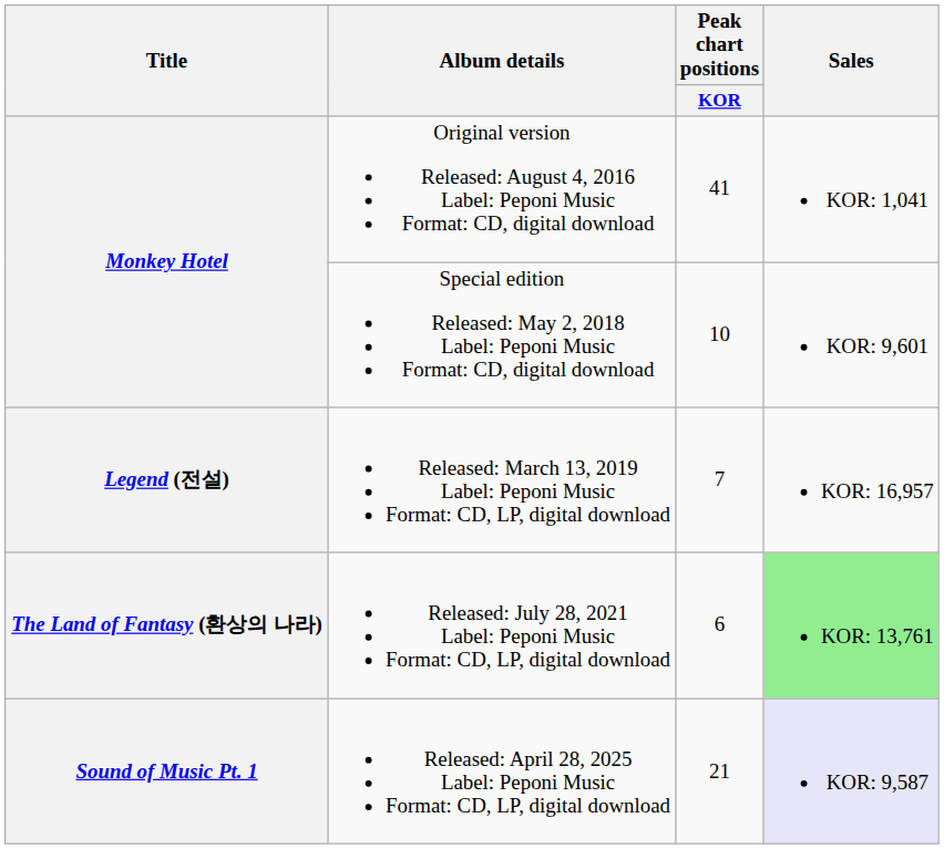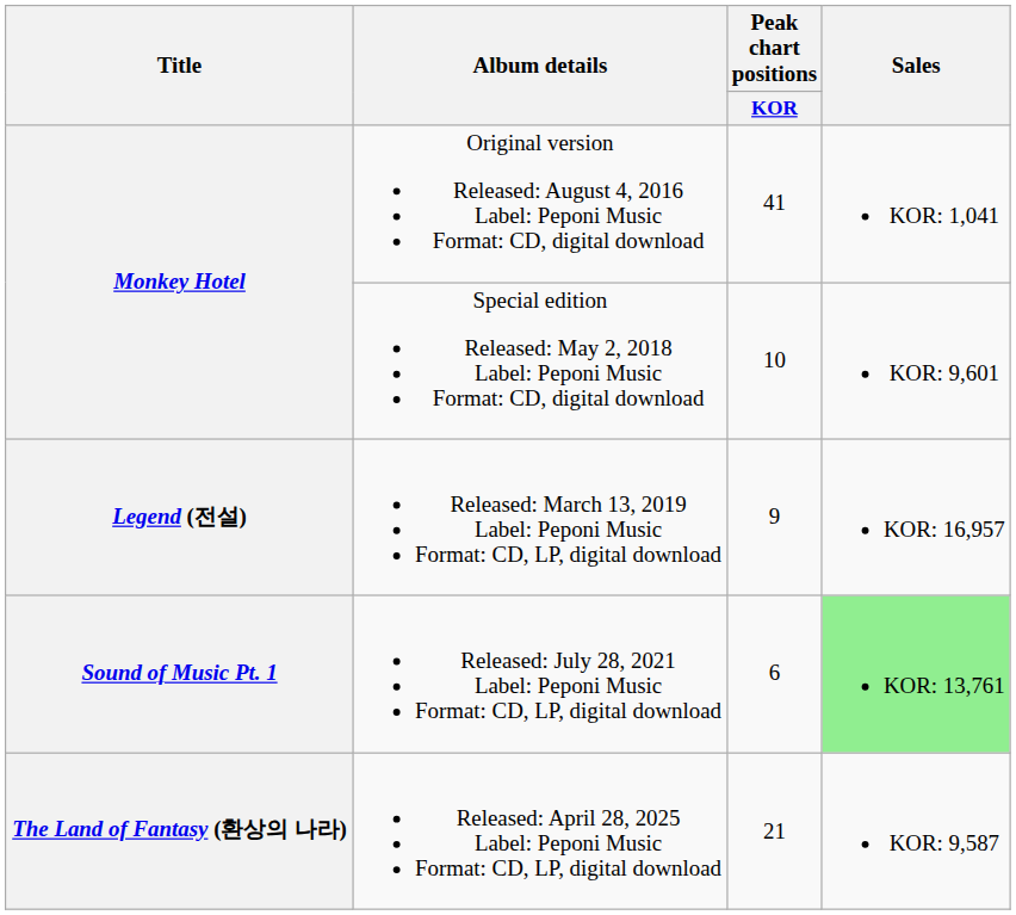 <table class="wikitable plainrowheaders" style="text-align:center;">
 <tr>
 <th scope="col" rowspan="2" style="width:15em;">Title</th>
 <th scope="col" rowspan="2">Album details</th>
 <th scope="col" colspan="1">Peak chart positions</th>
 <th scope="col" rowspan="2">Sales</th>
 </tr>
 <tr>
 <th scope="col" style="width:3em;font-size:90%;"><a href='#'>KOR</a><br></th>
 </tr>
 <tr>
 <th rowspan="2" scope="row"><em><a href='#'>Monkey Hotel</a></em></th>
 <td>Original version<br><ul><li>Released: August 4, 2016</li><li>Label: Peponi Music</li><li>Format: CD, digital download</li></ul></td>
 <td>41</td>
 <td><br><ul><li>KOR: 1,041</li></ul></td>
 </tr>
 <tr>
 <td>Special edition<br><ul><li>Released: May 2, 2018</li><li>Label: Peponi Music</li><li>Format: CD, digital download</li></ul></td>
 <td>10</td>
 <td><br><ul><li>KOR: 9,601</li></ul></td>
 </tr>
 <tr>
 <th scope="row"><em><a href='#'>Legend</a></em> (전설)</th>
 <td><br><ul><li>Released: March 13, 2019</li><li>Label: Peponi Music</li><li>Format: CD, LP, digital download</li></ul></td>
-<td>7</td>
+<td>9</td>
 <td><br><ul><li>KOR: 16,957</li></ul></td>
 </tr>
 <tr>
-<th scope="row"><em><a href='#'>The Land of Fantasy</a></em> (환상의 나라)</th>
+<th scope="row"><em><a href='#'>Sound of Music Pt. 1</a></em></th>
 <td><br><ul><li>Released: July 28, 2021</li><li>Label: Peponi Music</li><li>Format: CD, LP, digital download</li></ul></td>
 <td>6</td>
 <td style="background: lightgreen;"><br><ul><li>KOR: 13,761</li></ul></td>
 </tr>
 <tr>
-<th scope="row"><em><a href='#'>Sound of Music Pt. 1</a></em></th>
+<th scope="row"><em><a href='#'>The Land of Fantasy</a></em> (환상의 나라)</th>
 <td><br><ul><li>Released: April 28, 2025</li><li>Label: Peponi Music</li><li>Format: CD, LP, digital download</li></ul></td>
 <td>21</td>
-<td style="background: lavender;"><br><ul><li>KOR: 9,587</li></ul></td>
+<td><br><ul><li>KOR: 9,587</li></ul></td>
 </tr>
 </table>
